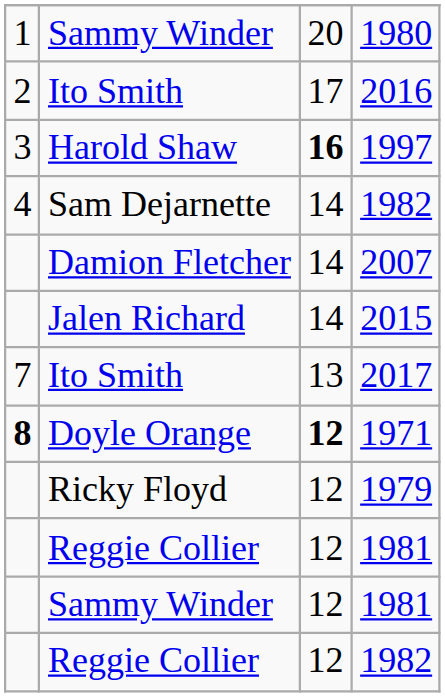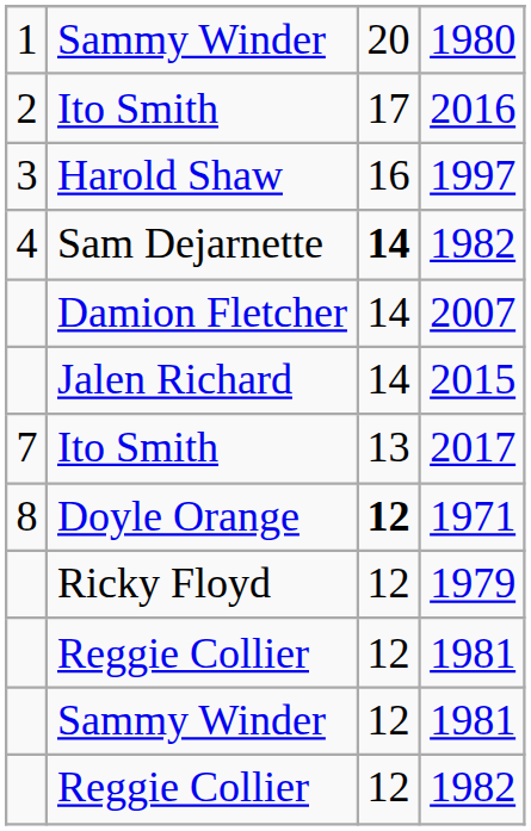 <table class="wikitable">
 <tr>
 </tr>
 <tr>
 <td>1</td>
 <td><a href='#'>Sammy Winder</a></td>
 <td>20</td>
 <td><a href='#'>1980</a></td>
 </tr>
 <tr>
 <td>2</td>
 <td><a href='#'>Ito Smith</a></td>
 <td>17</td>
 <td><a href='#'>2016</a></td>
 </tr>
 <tr>
 <td>3</td>
 <td><a href='#'>Harold Shaw</a></td>
-<td><strong>16</strong></td>
+<td>16</td>
 <td><a href='#'>1997</a></td>
 </tr>
 <tr>
 <td>4</td>
 <td>Sam Dejarnette</td>
-<td>14</td>
+<td><strong>14</strong></td>
 <td><a href='#'>1982</a></td>
 </tr>
 <tr>
 <td></td>
 <td><a href='#'>Damion Fletcher</a></td>
 <td>14</td>
 <td><a href='#'>2007</a></td>
 </tr>
 <tr>
 <td></td>
 <td><a href='#'>Jalen Richard</a></td>
 <td>14</td>
 <td><a href='#'>2015</a></td>
 </tr>
 <tr>
 <td>7</td>
 <td><a href='#'>Ito Smith</a></td>
 <td>13</td>
 <td><a href='#'>2017</a></td>
 </tr>
 <tr>
-<td><strong>8</strong></td>
+<td>8</td>
 <td><a href='#'>Doyle Orange</a></td>
 <td><strong>12</strong></td>
 <td><a href='#'>1971</a></td>
 </tr>
 <tr>
 <td></td>
 <td>Ricky Floyd</td>
 <td>12</td>
 <td><a href='#'>1979</a></td>
 </tr>
 <tr>
 <td></td>
 <td><a href='#'>Reggie Collier</a></td>
 <td>12</td>
 <td><a href='#'>1981</a></td>
 </tr>
 <tr>
 <td></td>
 <td><a href='#'>Sammy Winder</a></td>
 <td>12</td>
 <td><a href='#'>1981</a></td>
 </tr>
 <tr>
 <td></td>
 <td><a href='#'>Reggie Collier</a></td>
 <td>12</td>
 <td><a href='#'>1982</a></td>
 </tr>
 </table>
